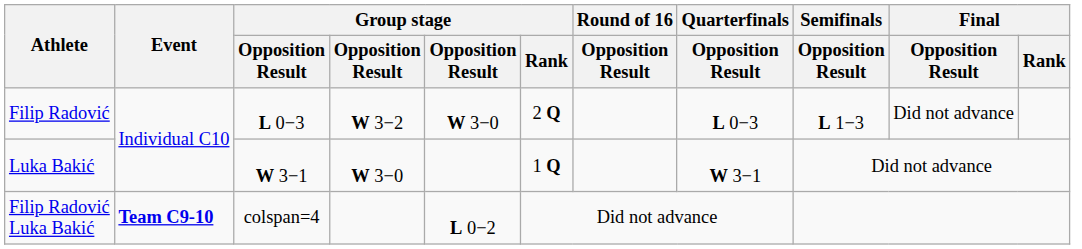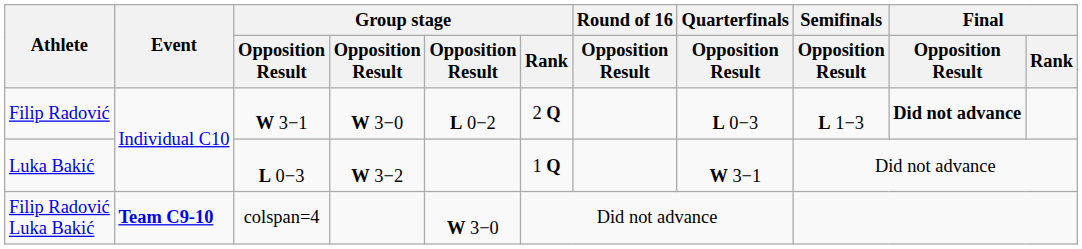 <table class=wikitable style="font-size:90%">
 <tr>
 <th rowspan="2">Athlete</th>
 <th rowspan="2">Event</th>
 <th colspan="4">Group stage</th>
 <th>Round of 16</th>
 <th>Quarterfinals</th>
 <th>Semifinals</th>
 <th colspan="2">Final</th>
 </tr>
 <tr>
 <th>Opposition<br>Result</th>
 <th>Opposition<br>Result</th>
 <th>Opposition<br>Result</th>
 <th>Rank</th>
 <th>Opposition<br>Result</th>
 <th>Opposition<br>Result</th>
 <th>Opposition<br>Result</th>
 <th>Opposition<br>Result</th>
 <th>Rank</th>
 </tr>
 <tr align=center>
 <td align=left><a href='#'>Filip Radović</a></td>
 <td align=left rowspan=2><a href='#'>Individual C10</a></td>
-<td><br><strong>L</strong> 0−3</td>
-<td><br><strong>W</strong> 3−2</td>
+<td><br><strong>W</strong> 3−1</td>
 <td><br><strong>W</strong> 3−0</td>
+<td><br><strong>L</strong> 0−2</td>
 <td>2 <strong>Q</strong></td>
 <td></td>
 <td><br><strong>L</strong> 0−3</td>
 <td><br><strong>L</strong> 1−3</td>
-<td>Did not advance</td>
+<td><strong>Did not advance</strong></td>
 <td></td>
 </tr>
 <tr align=center>
 <td align=left><a href='#'>Luka Bakić</a></td>
-<td><br><strong>W</strong> 3−1</td>
-<td><br><strong>W</strong> 3−0</td>
+<td><br><strong>L</strong> 0−3</td>
+<td><br><strong>W</strong> 3−2</td>
 <td></td>
 <td>1 <strong>Q</strong></td>
 <td></td>
 <td><br><strong>W</strong> 3−1</td>
 <td colspan=3>Did not advance</td>
 </tr>
 <tr align=center>
 <td align=left><a href='#'>Filip Radović</a><br><a href='#'>Luka Bakić</a></td>
 <td align=left><strong><a href='#'>Team C9-10</a></strong></td>
 <td>colspan=4 </td>
 <td></td>
-<td><br><strong>L</strong> 0−2</td>
+<td><br><strong>W</strong> 3−0</td>
 <td colspan=3>Did not advance</td>
 </tr>
 </table>
